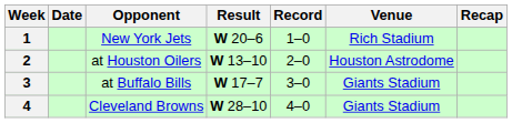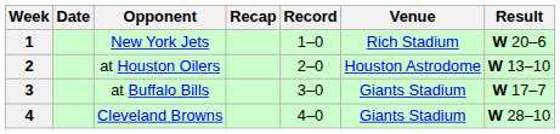 <table class="wikitable" style="text-align:center">
 <tr>
 <th>Week</th>
 <th>Date</th>
 <th>Opponent</th>
-<th>Result</th>
+<th>Recap</th>
 <th>Record</th>
 <th>Venue</th>
-<th>Recap</th>
+<th>Result</th>
 </tr>
 <tr style="background: #cfc;">
 <th>1</th>
 <td></td>
 <td><a href='#'>New York Jets</a></td>
-<td><strong>W</strong> 20–6</td>
+<td></td>
 <td>1–0</td>
 <td><a href='#'>Rich Stadium</a></td>
-<td></td>
+<td><strong>W</strong> 20–6</td>
 </tr>
 <tr style="background: #cfc;">
 <th>2</th>
 <td></td>
 <td>at <a href='#'>Houston Oilers</a></td>
-<td><strong>W</strong> 13–10</td>
+<td></td>
 <td>2–0</td>
 <td><a href='#'>Houston Astrodome</a></td>
-<td></td>
+<td><strong>W</strong> 13–10</td>
 </tr>
 <tr style="background: #cfc;">
 <th>3</th>
 <td></td>
 <td>at <a href='#'>Buffalo Bills</a></td>
-<td><strong>W</strong> 17–7</td>
+<td></td>
 <td>3–0</td>
 <td><a href='#'>Giants Stadium</a></td>
-<td></td>
+<td><strong>W</strong> 17–7</td>
 </tr>
 <tr style="background: #cfc;">
 <th>4</th>
 <td></td>
 <td><a href='#'>Cleveland Browns</a></td>
-<td><strong>W</strong> 28–10</td>
+<td></td>
 <td>4–0</td>
 <td><a href='#'>Giants Stadium</a></td>
-<td></td>
+<td><strong>W</strong> 28–10</td>
 </tr>
 </table>
